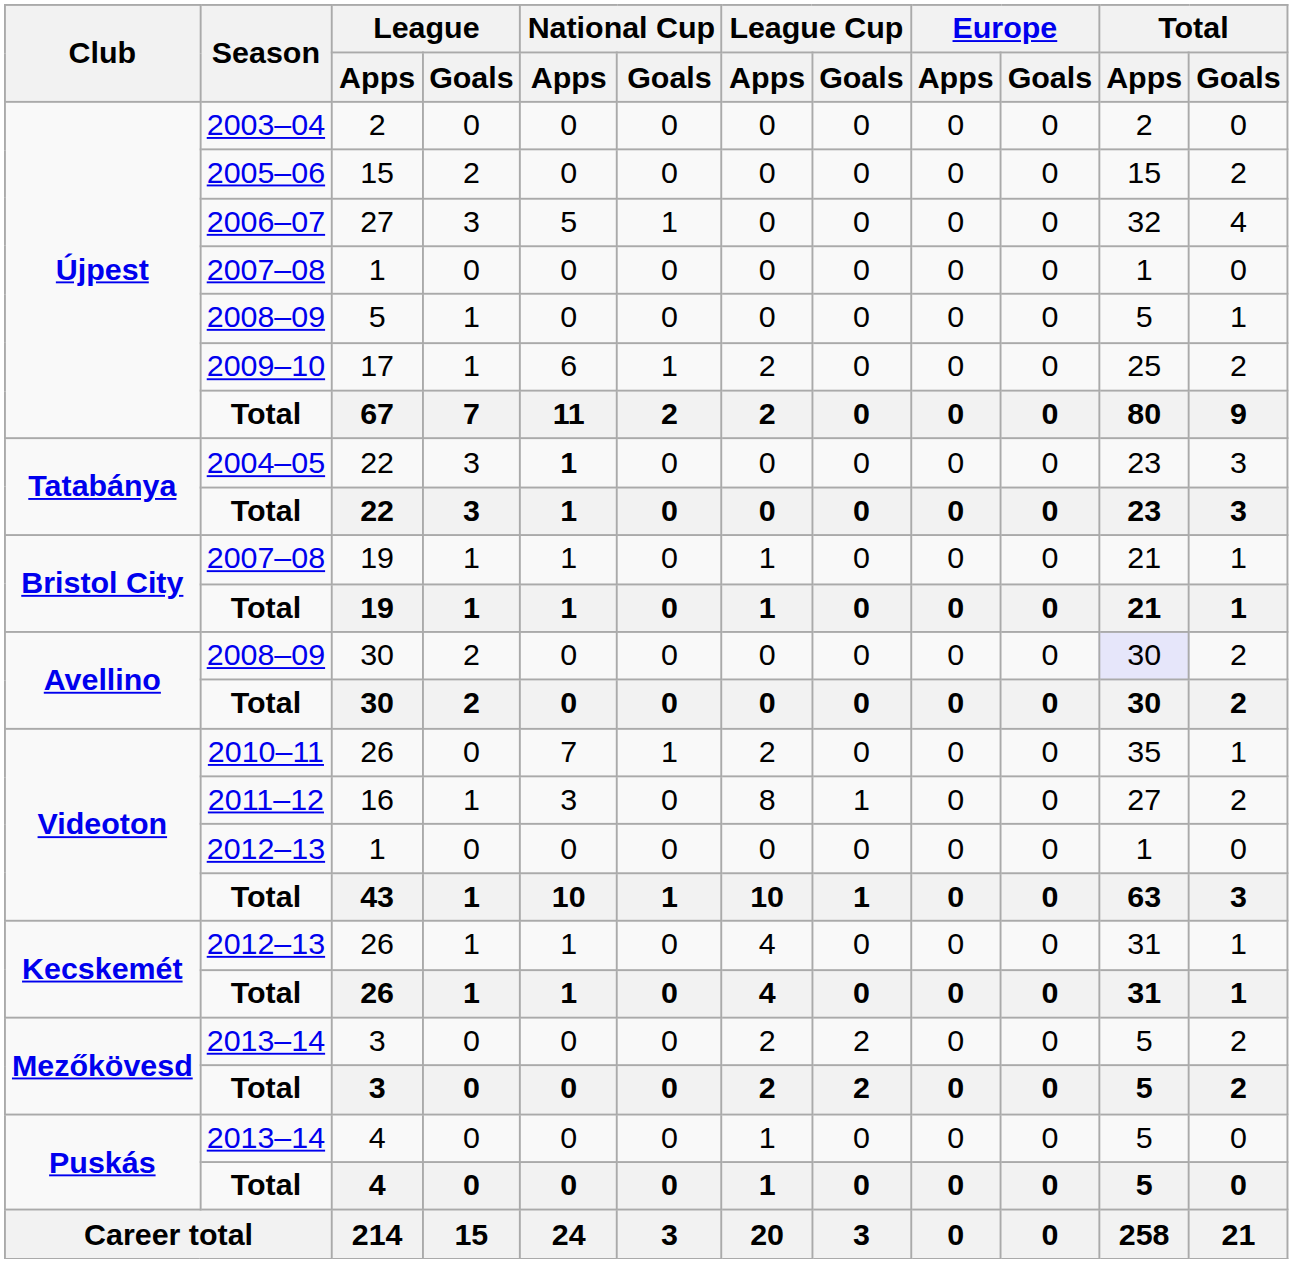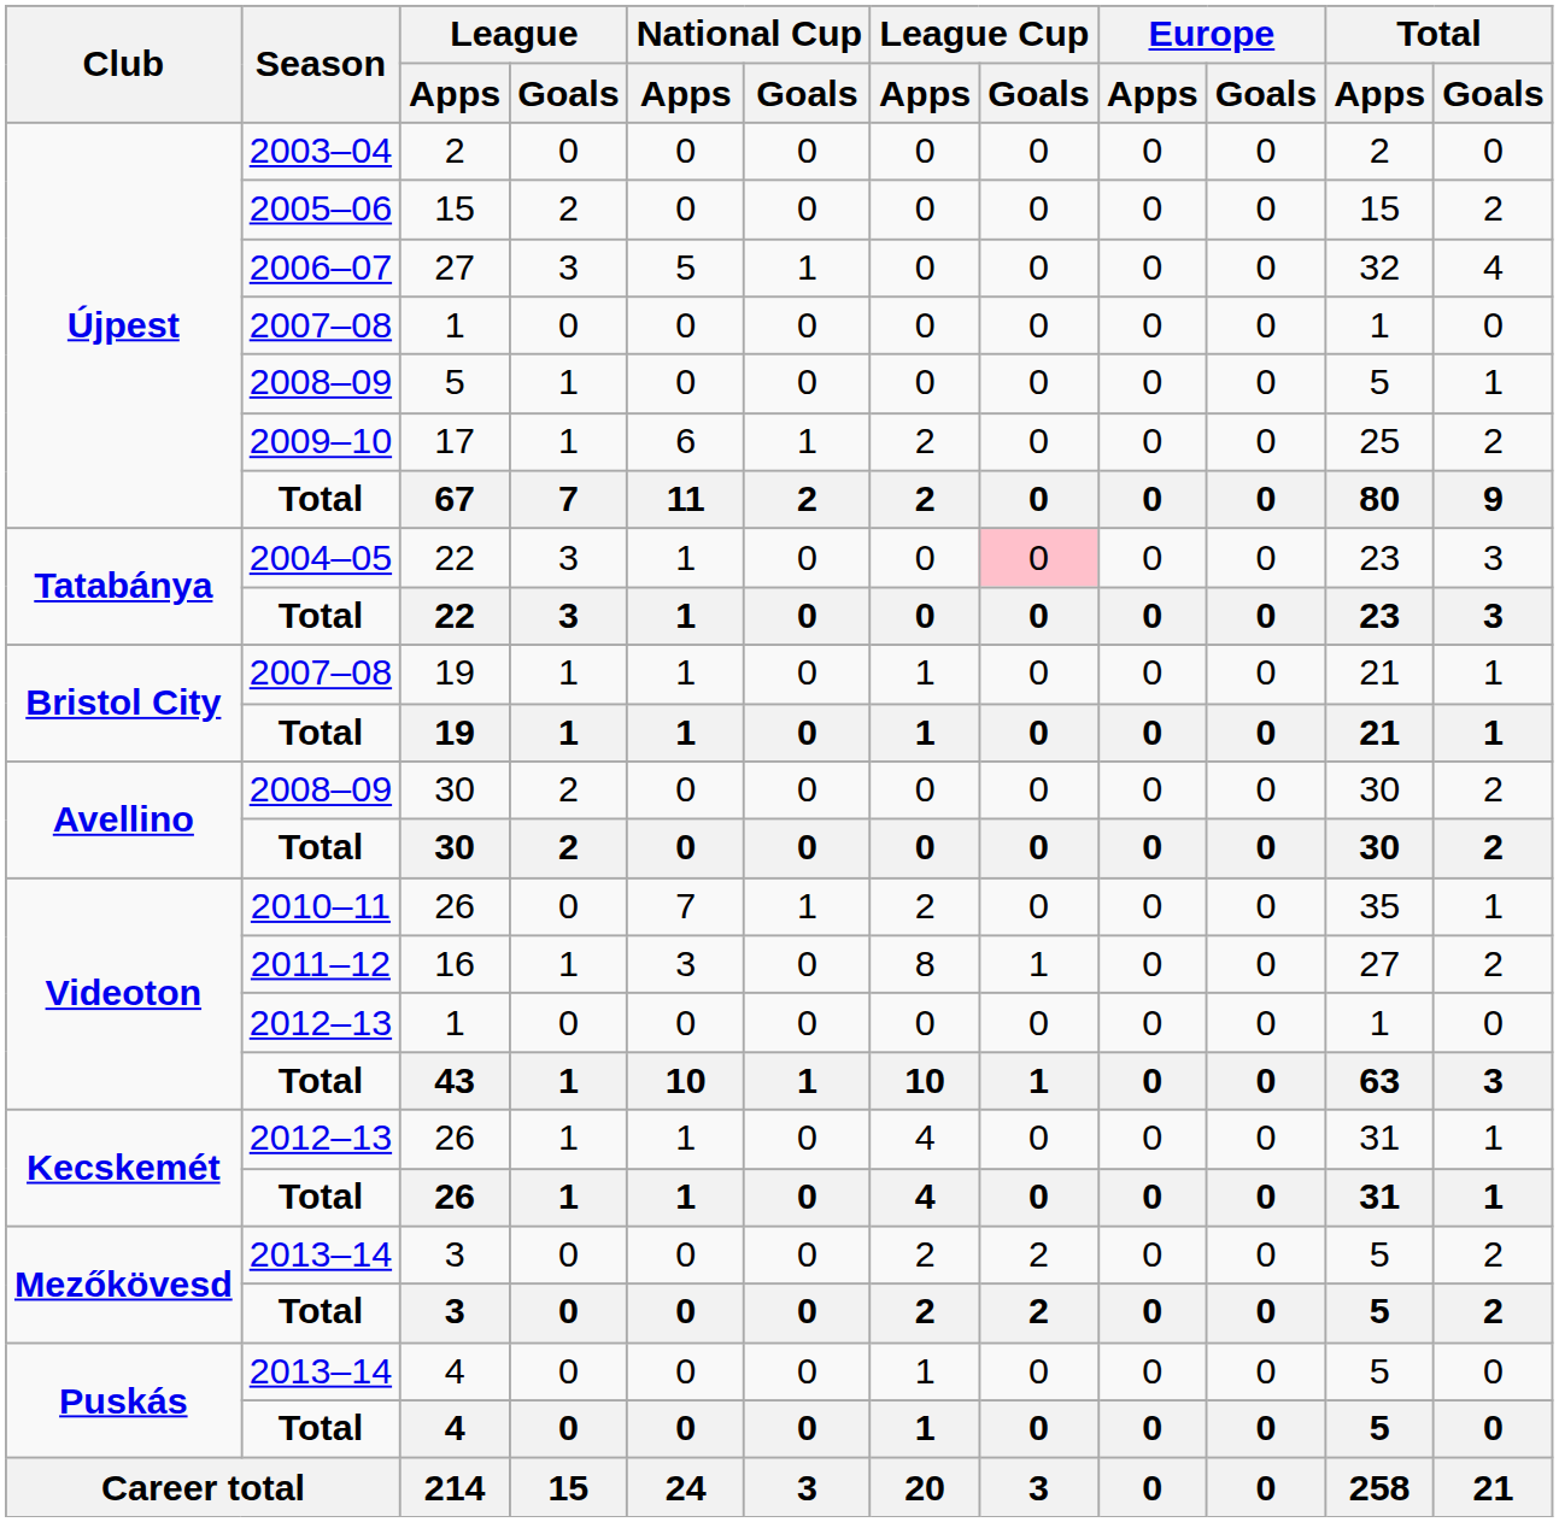 <table class="wikitable" style="text-align: center;">
 <tr>
 <th rowspan="2">Club</th>
 <th rowspan="2">Season</th>
 <th colspan="2">League</th>
 <th colspan="2">National Cup</th>
 <th colspan="2">League Cup</th>
 <th colspan="2"><a href='#'>Europe</a></th>
 <th colspan="2">Total</th>
 </tr>
 <tr>
 <th>Apps</th>
 <th>Goals</th>
 <th>Apps</th>
 <th>Goals</th>
 <th>Apps</th>
 <th>Goals</th>
 <th>Apps</th>
 <th>Goals</th>
 <th>Apps</th>
 <th>Goals</th>
 </tr>
 <tr>
 <td rowspan="7" align=center valign=center><strong><a href='#'>Újpest</a></strong></td>
 <td !colspan="2"><a href='#'>2003–04</a></td>
 <td>2</td>
 <td>0</td>
 <td>0</td>
 <td>0</td>
 <td>0</td>
 <td>0</td>
 <td>0</td>
 <td>0</td>
 <td>2</td>
 <td>0</td>
 </tr>
 <tr>
 <td !colspan="2"><a href='#'>2005–06</a></td>
 <td>15</td>
 <td>2</td>
 <td>0</td>
 <td>0</td>
 <td>0</td>
 <td>0</td>
 <td>0</td>
 <td>0</td>
 <td>15</td>
 <td>2</td>
 </tr>
 <tr>
 <td !colspan="2"><a href='#'>2006–07</a></td>
 <td>27</td>
 <td>3</td>
 <td>5</td>
 <td>1</td>
 <td>0</td>
 <td>0</td>
 <td>0</td>
 <td>0</td>
 <td>32</td>
 <td>4</td>
 </tr>
 <tr>
 <td !colspan="2"><a href='#'>2007–08</a></td>
 <td>1</td>
 <td>0</td>
 <td>0</td>
 <td>0</td>
 <td>0</td>
 <td>0</td>
 <td>0</td>
 <td>0</td>
 <td>1</td>
 <td>0</td>
 </tr>
 <tr>
 <td !colspan="2"><a href='#'>2008–09</a></td>
 <td>5</td>
 <td>1</td>
 <td>0</td>
 <td>0</td>
 <td>0</td>
 <td>0</td>
 <td>0</td>
 <td>0</td>
 <td>5</td>
 <td>1</td>
 </tr>
 <tr>
 <td !colspan="2"><a href='#'>2009–10</a></td>
 <td>17</td>
 <td>1</td>
 <td>6</td>
 <td>1</td>
 <td>2</td>
 <td>0</td>
 <td>0</td>
 <td>0</td>
 <td>25</td>
 <td>2</td>
 </tr>
 <tr>
 <td !colspan="2"><strong>Total</strong></td>
 <th>67</th>
 <th>7</th>
 <th>11</th>
 <th>2</th>
 <th>2</th>
 <th>0</th>
 <th>0</th>
 <th>0</th>
 <th>80</th>
 <th>9</th>
 </tr>
 <tr>
 <td rowspan="2" align=center valign=center><strong><a href='#'>Tatabánya</a></strong></td>
 <td !colspan="2"><a href='#'>2004–05</a></td>
 <td>22</td>
 <td>3</td>
-<td><strong>1</strong></td>
+<td>1</td>
 <td>0</td>
 <td>0</td>
-<td>0</td>
+<td style="background: pink;">0</td>
 <td>0</td>
 <td>0</td>
 <td>23</td>
 <td>3</td>
 </tr>
 <tr>
 <td !colspan="2"><strong>Total</strong></td>
 <th>22</th>
 <th>3</th>
 <th>1</th>
 <th>0</th>
 <th>0</th>
 <th>0</th>
 <th>0</th>
 <th>0</th>
 <th>23</th>
 <th>3</th>
 </tr>
 <tr>
 <td rowspan="2" align=center valign=center><strong><a href='#'>Bristol City</a></strong></td>
 <td !colspan="2"><a href='#'>2007–08</a></td>
 <td>19</td>
 <td>1</td>
 <td>1</td>
 <td>0</td>
 <td>1</td>
 <td>0</td>
 <td>0</td>
 <td>0</td>
 <td>21</td>
 <td>1</td>
 </tr>
 <tr>
 <td !colspan="2"><strong>Total</strong></td>
 <th>19</th>
 <th>1</th>
 <th>1</th>
 <th>0</th>
 <th>1</th>
 <th>0</th>
 <th>0</th>
 <th>0</th>
 <th>21</th>
 <th>1</th>
 </tr>
 <tr>
 <td rowspan="2" align=center valign=center><strong><a href='#'>Avellino</a></strong></td>
 <td !colspan="2"><a href='#'>2008–09</a></td>
 <td>30</td>
 <td>2</td>
 <td>0</td>
 <td>0</td>
 <td>0</td>
 <td>0</td>
 <td>0</td>
 <td>0</td>
-<td style="background: lavender;">30</td>
+<td>30</td>
 <td>2</td>
 </tr>
 <tr>
 <td !colspan="2"><strong>Total</strong></td>
 <th>30</th>
 <th>2</th>
 <th>0</th>
 <th>0</th>
 <th>0</th>
 <th>0</th>
 <th>0</th>
 <th>0</th>
 <th>30</th>
 <th>2</th>
 </tr>
 <tr>
 <td rowspan="4" align=center valign=center><strong><a href='#'>Videoton</a></strong></td>
 <td !colspan="2"><a href='#'>2010–11</a></td>
 <td>26</td>
 <td>0</td>
 <td>7</td>
 <td>1</td>
 <td>2</td>
 <td>0</td>
 <td>0</td>
 <td>0</td>
 <td>35</td>
 <td>1</td>
 </tr>
 <tr>
 <td !colspan="2"><a href='#'>2011–12</a></td>
 <td>16</td>
 <td>1</td>
 <td>3</td>
 <td>0</td>
 <td>8</td>
 <td>1</td>
 <td>0</td>
 <td>0</td>
 <td>27</td>
 <td>2</td>
 </tr>
 <tr>
 <td !colspan="2"><a href='#'>2012–13</a></td>
 <td>1</td>
 <td>0</td>
 <td>0</td>
 <td>0</td>
 <td>0</td>
 <td>0</td>
 <td>0</td>
 <td>0</td>
 <td>1</td>
 <td>0</td>
 </tr>
 <tr>
 <td !colspan="2"><strong>Total</strong></td>
 <th>43</th>
 <th>1</th>
 <th>10</th>
 <th>1</th>
 <th>10</th>
 <th>1</th>
 <th>0</th>
 <th>0</th>
 <th>63</th>
 <th>3</th>
 </tr>
 <tr>
 <td rowspan="2" align=center valign=center><strong><a href='#'>Kecskemét</a></strong></td>
 <td !colspan="2"><a href='#'>2012–13</a></td>
 <td>26</td>
 <td>1</td>
 <td>1</td>
 <td>0</td>
 <td>4</td>
 <td>0</td>
 <td>0</td>
 <td>0</td>
 <td>31</td>
 <td>1</td>
 </tr>
 <tr>
 <td !colspan="2"><strong>Total</strong></td>
 <th>26</th>
 <th>1</th>
 <th>1</th>
 <th>0</th>
 <th>4</th>
 <th>0</th>
 <th>0</th>
 <th>0</th>
 <th>31</th>
 <th>1</th>
 </tr>
 <tr>
 <td rowspan="2" align=center valign=center><strong><a href='#'>Mezőkövesd</a></strong></td>
 <td !colspan="2"><a href='#'>2013–14</a></td>
 <td>3</td>
 <td>0</td>
 <td>0</td>
 <td>0</td>
 <td>2</td>
 <td>2</td>
 <td>0</td>
 <td>0</td>
 <td>5</td>
 <td>2</td>
 </tr>
 <tr>
 <td !colspan="2"><strong>Total</strong></td>
 <th>3</th>
 <th>0</th>
 <th>0</th>
 <th>0</th>
 <th>2</th>
 <th>2</th>
 <th>0</th>
 <th>0</th>
 <th>5</th>
 <th>2</th>
 </tr>
 <tr>
 <td rowspan="2" align=center valign=center><strong><a href='#'>Puskás</a></strong></td>
 <td !colspan="2"><a href='#'>2013–14</a></td>
 <td>4</td>
 <td>0</td>
 <td>0</td>
 <td>0</td>
 <td>1</td>
 <td>0</td>
 <td>0</td>
 <td>0</td>
 <td>5</td>
 <td>0</td>
 </tr>
 <tr>
 <td !colspan="2"><strong>Total</strong></td>
 <th>4</th>
 <th>0</th>
 <th>0</th>
 <th>0</th>
 <th>1</th>
 <th>0</th>
 <th>0</th>
 <th>0</th>
 <th>5</th>
 <th>0</th>
 </tr>
 <tr>
 <th colspan="2">Career total</th>
 <th>214</th>
 <th>15</th>
 <th>24</th>
 <th>3</th>
 <th>20</th>
 <th>3</th>
 <th>0</th>
 <th>0</th>
 <th>258</th>
 <th>21</th>
 </tr>
 </table>
